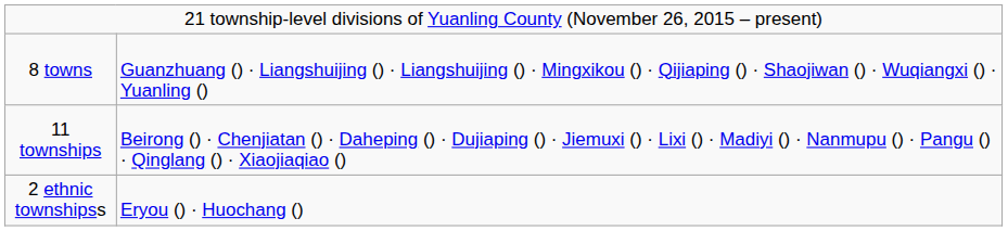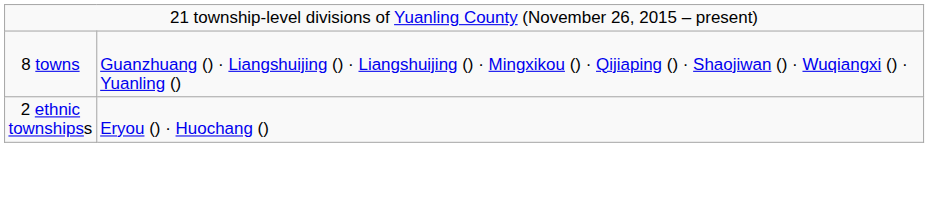 <table class="wikitable">
 <tr>
 <td style="text-align:center;" colspan="2">21 township-level divisions of <a href='#'>Yuanling County</a> (November 26, 2015 – present)</td>
 </tr>
 <tr align=left>
 <td align=center>8 <a href='#'>towns</a></td>
 <td><br><a href='#'>Guanzhuang</a> () · <a href='#'>Liangshuijing</a> () · <a href='#'>Liangshuijing</a> () · <a href='#'>Mingxikou</a> () · <a href='#'>Qijiaping</a> () · <a href='#'>Shaojiwan</a> () · <a href='#'>Wuqiangxi</a> () · <a href='#'>Yuanling</a> ()</td>
 </tr>
 <tr align=left>
-<td align=center>11 <a href='#'>townships</a></td>
-<td><br><a href='#'>Beirong</a> () · <a href='#'>Chenjiatan</a> () · <a href='#'>Daheping</a> () · <a href='#'>Dujiaping</a> () · <a href='#'>Jiemuxi</a> () · <a href='#'>Lixi</a> () · <a href='#'>Madiyi</a> () · <a href='#'>Nanmupu</a> () · <a href='#'>Pangu</a> () · <a href='#'>Qinglang</a> () · <a href='#'>Xiaojiaqiao</a> ()</td>
-</tr>
-<tr align=left>
 <td align=center>2 <a href='#'>ethnic <br>townships</a>s</td>
 <td><br><a href='#'>Eryou</a> () · <a href='#'>Huochang</a> ()</td>
 </tr>
 </table>
